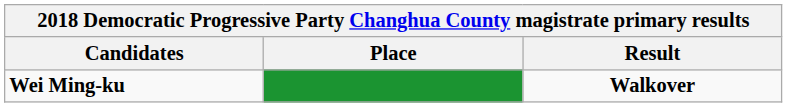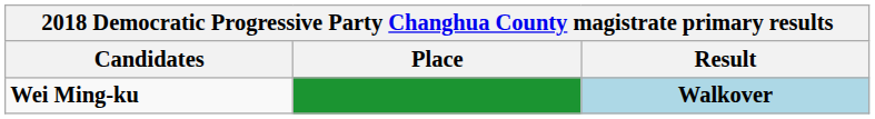 <table class="wikitable collapsible">
 <tr>
 <th colspan="5" width=600>2018 Democratic Progressive Party <a href='#'>Changhua County</a> magistrate primary results</th>
 </tr>
 <tr>
 <th width=80>Candidates</th>
 <th width=80>Place</th>
 <th width=80>Result</th>
 </tr>
 <tr>
 <td><strong>Wei Ming-ku</strong></td>
 <td style="background: #1B9431; text-align:center"><strong></strong></td>
-<td style="text-align:center"><strong>Walkover</strong></td>
+<td style="background: lightblue; text-align:center"><strong>Walkover</strong></td>
 </tr>
 </table>
